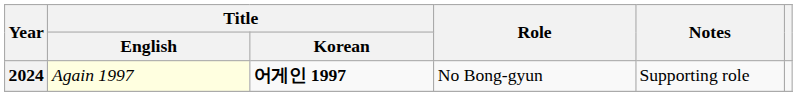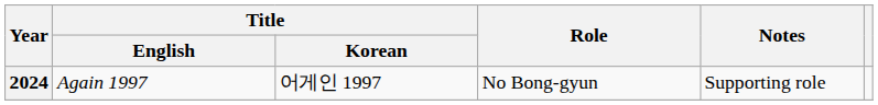 <table class="wikitable sortable plainrowheaders">
 <tr>
 <th scope="col" rowspan="2">Year</th>
 <th scope="col" colspan="2">Title</th>
 <th scope="col" rowspan="2" style="width:11em;">Role</th>
 <th scope="col" rowspan="2" style="width:8em;">Notes</th>
 <th scope="col" rowspan="2" class="unsortable"></th>
 </tr>
 <tr>
 <th scope="col" style="width:11em;">English</th>
 <th scope="col" style="width:10em;">Korean</th>
 </tr>
 <tr>
 <th scope="row">2024</th>
-<td style="background: lightyellow;"><em>Again 1997</em></td>
-<td><strong>어게인 1997</strong></td>
+<td><em>Again 1997</em></td>
+<td>어게인 1997</td>
 <td>No Bong-gyun</td>
 <td>Supporting role</td>
 <td style="text-align:center"></td>
 </tr>
 <tr>
 </tr>
 </table>
